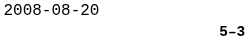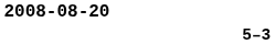 <table style="width:100%;" cellspacing="1">
 <tr>
 <th width=25%></th>
 <th width=10%></th>
 <th></th>
 </tr>
 <tr>
-<td>2008-08-20</td>
+<td><strong>2008-08-20</strong></td>
 </tr>
 <tr style=font-size:90%>
 <td align=right><strong></strong></td>
 <td align=center><strong>5–3</strong></td>
 <td><strong></strong></td>
 </tr>
 </table>
